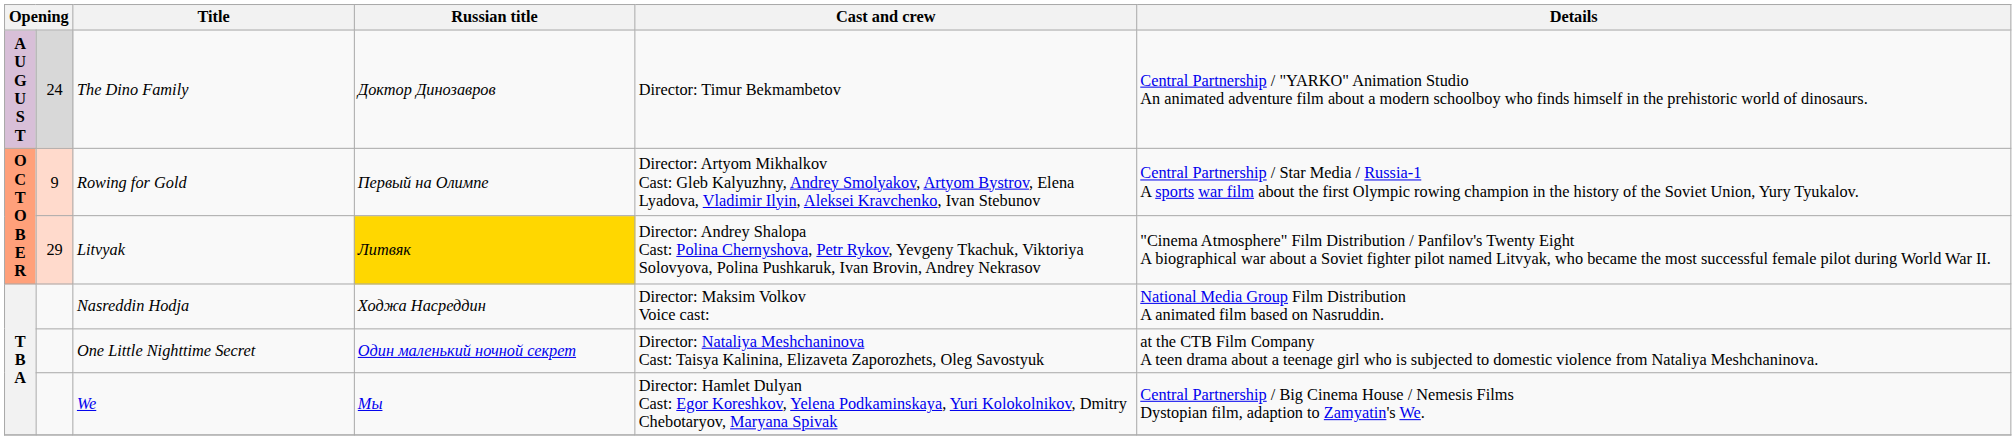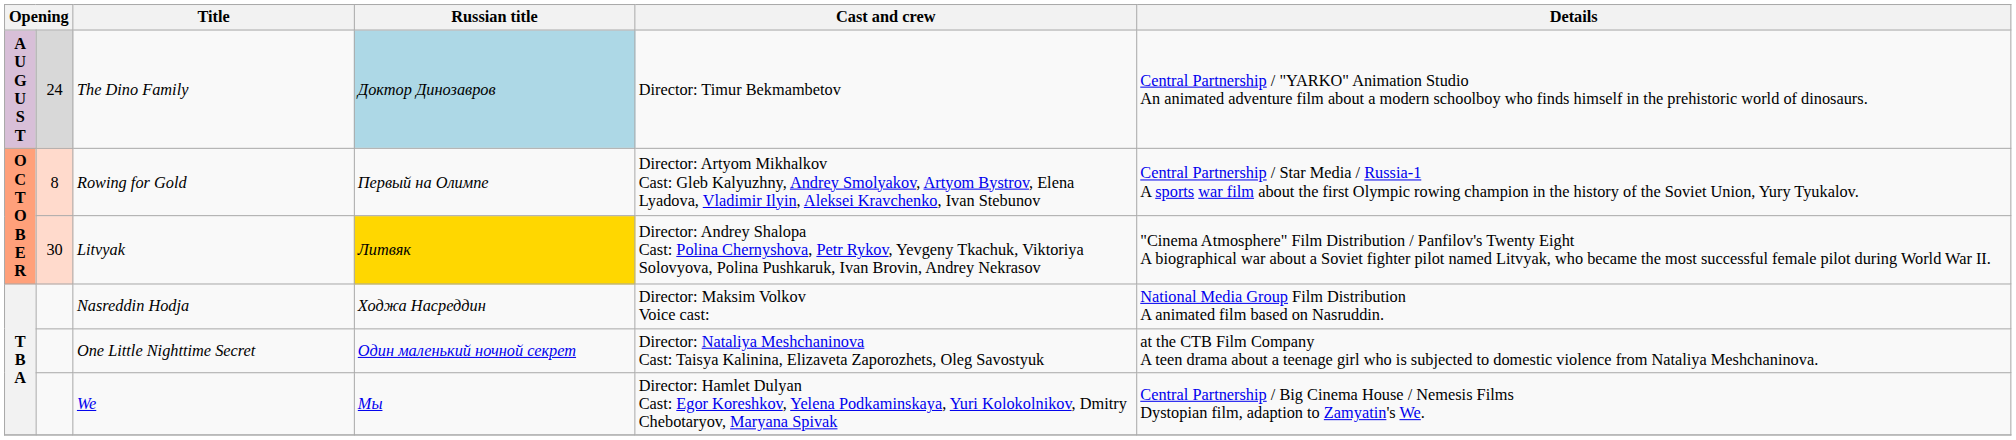 <table class="wikitable">
 <tr>
 <th colspan="2">Opening</th>
 <th style="width:14%;">Title</th>
 <th style="width:14%;">Russian title</th>
 <th style="width:25%;">Cast and crew</th>
 <th>Details</th>
 </tr>
 <tr>
 <th rowspan="1" align="center" style="background:thistle; textcolor:#000;">A<br>U<br>G<br>U<br>S<br>T</th>
 <td align="center" style="background:#d8d8d8;">24</td>
 <td><em>The Dino Family</em></td>
-<td><em>Доктор Динозавров</em></td>
+<td style="background: lightblue;"><em>Доктор Динозавров</em></td>
 <td>Director: Timur Bekmambetov</td>
 <td><a href='#'>Central Partnership</a> / "YARKO" Animation Studio <br> An animated adventure film about a modern schoolboy who finds himself in the prehistoric world of dinosaurs.</td>
 </tr>
 <tr>
 <th rowspan="2" align="center" style="background:#ffa07a; textcolor:#000;">O<br>C<br>T<br>O<br>B<br>E<br>R</th>
-<td align="center" style="background:#ffdacc;">9</td>
+<td align="center" style="background:#ffdacc;">8</td>
 <td><em>Rowing for Gold</em></td>
 <td><em>Первый на Олимпе</em></td>
 <td>Director: Artyom Mikhalkov <br> Cast: Gleb Kalyuzhny, <a href='#'>Andrey Smolyakov</a>, <a href='#'>Artyom Bystrov</a>, Elena Lyadova, <a href='#'>Vladimir Ilyin</a>, <a href='#'>Aleksei Kravchenko</a>, Ivan Stebunov</td>
 <td><a href='#'>Central Partnership</a> / Star Media / <a href='#'>Russia-1</a> <br> A <a href='#'>sports</a> <a href='#'>war film</a> about the first Olympic rowing champion in the history of the Soviet Union, Yury Tyukalov.</td>
 </tr>
 <tr>
-<td align="center" style="background:#ffdacc;">29</td>
+<td align="center" style="background:#ffdacc;">30</td>
 <td><em>Litvyak</em></td>
 <td style="background: gold;"><em>Литвяк</em></td>
 <td>Director: Andrey Shalopa <br> Cast: <a href='#'>Polina Chernyshova</a>, <a href='#'>Petr Rykov</a>, Yevgeny Tkachuk, Viktoriya Solovyova, Polina Pushkaruk, Ivan Brovin, Andrey Nekrasov</td>
 <td>"Cinema Atmosphere" Film Distribution / Panfilov's Twenty Eight <br> A biographical war about a Soviet fighter pilot named Litvyak, who became the most successful female pilot during World War II.</td>
 </tr>
 <tr>
 <th rowspan="3">T<br>B<br>A</th>
 <td></td>
 <td><em>Nasreddin Hodja</em></td>
 <td><em>Ходжа Насреддин</em></td>
 <td>Director: Maksim Volkov <br> Voice cast:</td>
 <td><a href='#'>National Media Group</a> Film Distribution <br> A animated film based on Nasruddin.</td>
 </tr>
 <tr>
 <td></td>
 <td><em>One Little Nighttime Secret</em></td>
 <td><em><a href='#'>Один маленький ночной секрет</a></em></td>
 <td>Director: <a href='#'>Nataliya Meshchaninova</a> <br> Cast: Taisya Kalinina, Elizaveta Zaporozhets, Oleg Savostyuk</td>
 <td> at the CTB Film Company <br> A teen drama about a teenage girl who is subjected to domestic violence from Nataliya Meshchaninova.</td>
 </tr>
 <tr>
 <td></td>
 <td><em><a href='#'>We</a></em></td>
 <td><em><a href='#'>Мы</a></em></td>
 <td>Director: Hamlet Dulyan <br> Cast: <a href='#'>Egor Koreshkov</a>, <a href='#'>Yelena Podkaminskaya</a>, <a href='#'>Yuri Kolokolnikov</a>, Dmitry Chebotaryov, <a href='#'>Maryana Spivak</a></td>
 <td><a href='#'>Central Partnership</a> / Big Cinema House / Nemesis Films <br> Dystopian film, adaption to <a href='#'>Zamyatin</a>'s <a href='#'>We</a>.</td>
 </tr>
 <tr>
 </tr>
 </table>
